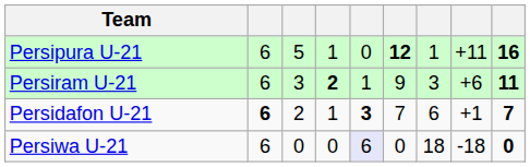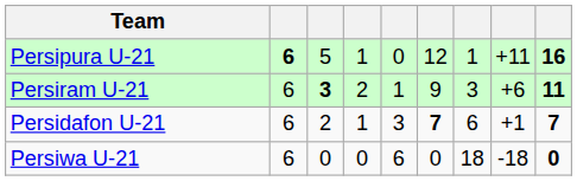 <table class="wikitable" style="text-align:center">
 <tr>
 <th width=190>Team</th>
 <th width=20></th>
 <th width=20></th>
 <th width=20></th>
 <th width=20></th>
 <th width=20></th>
 <th width=20></th>
 <th width=20></th>
 <th width=20></th>
 </tr>
 <tr bgcolor="#ccffcc">
 <td align=left><a href='#'>Persipura U-21</a></td>
-<td>6</td>
+<td><strong>6</strong></td>
 <td>5</td>
 <td>1</td>
 <td>0</td>
-<td><strong>12</strong></td>
+<td>12</td>
 <td>1</td>
 <td>+11</td>
 <td><strong>16</strong></td>
 </tr>
 <tr bgcolor="#ccffcc">
 <td align=left><a href='#'>Persiram U-21</a></td>
 <td>6</td>
-<td>3</td>
-<td><strong>2</strong></td>
+<td><strong>3</strong></td>
+<td>2</td>
 <td>1</td>
 <td>9</td>
 <td>3</td>
 <td>+6</td>
 <td><strong>11</strong></td>
 </tr>
 <tr>
 <td align=left><a href='#'>Persidafon U-21</a></td>
-<td><strong>6</strong></td>
+<td>6</td>
 <td>2</td>
 <td>1</td>
-<td><strong>3</strong></td>
-<td>7</td>
+<td>3</td>
+<td><strong>7</strong></td>
 <td>6</td>
 <td>+1</td>
 <td><strong>7</strong></td>
 </tr>
 <tr>
 <td align=left><a href='#'>Persiwa U-21</a></td>
 <td>6</td>
 <td>0</td>
 <td>0</td>
-<td style="background: lavender;">6</td>
+<td>6</td>
 <td>0</td>
 <td>18</td>
 <td>-18</td>
 <td><strong>0</strong></td>
 </tr>
 </table>
